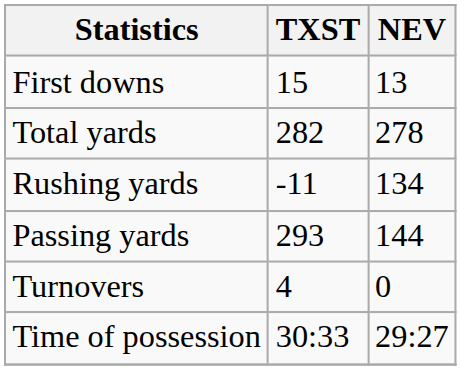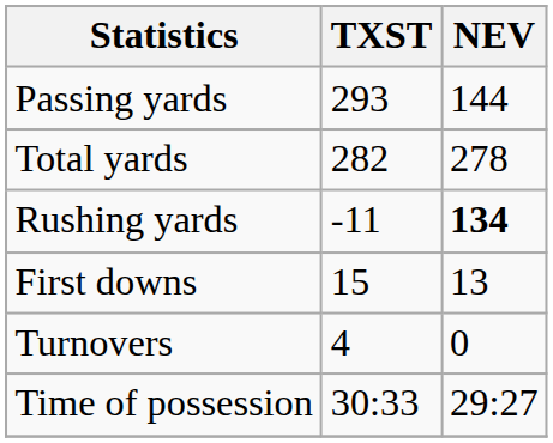 <table class="wikitable">
 <tr>
 <th>Statistics</th>
 <th>TXST</th>
 <th>NEV</th>
 </tr>
 <tr>
-<td>First downs</td>
-<td>15</td>
-<td>13</td>
+<td>Passing yards</td>
+<td>293</td>
+<td>144</td>
 </tr>
 <tr>
 <td>Total yards</td>
 <td>282</td>
 <td>278</td>
 </tr>
 <tr>
 <td>Rushing yards</td>
 <td>-11</td>
-<td>134</td>
+<td><strong>134</strong></td>
 </tr>
 <tr>
-<td>Passing yards</td>
-<td>293</td>
-<td>144</td>
+<td>First downs</td>
+<td>15</td>
+<td>13</td>
 </tr>
 <tr>
 <td>Turnovers</td>
 <td>4</td>
 <td>0</td>
 </tr>
 <tr>
 <td>Time of possession</td>
 <td>30:33</td>
 <td>29:27</td>
 </tr>
 <tr>
 </tr>
 </table>
